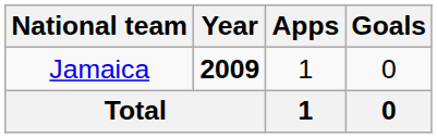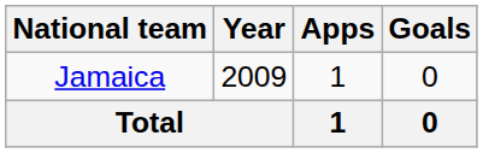 <table class="wikitable" style="text-align:center">
 <tr>
 <th>National team</th>
 <th>Year</th>
 <th>Apps</th>
 <th>Goals</th>
 </tr>
 <tr>
 <td rowspan="1"><a href='#'>Jamaica</a></td>
-<td><strong>2009</strong></td>
+<td>2009</td>
 <td>1</td>
 <td>0</td>
 </tr>
 <tr>
 <th colspan="2">Total</th>
 <th>1</th>
 <th>0</th>
 </tr>
 </table>
